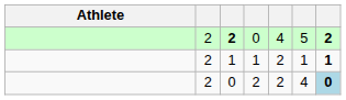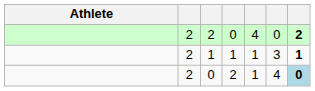 <table class=wikitable style="text-align:center">
 <tr>
 <th width=210>Athlete</th>
 <th width=20></th>
 <th width=20></th>
 <th width=20></th>
 <th width=20></th>
 <th width=20></th>
 <th width=20></th>
 </tr>
 <tr bgcolor=ccffcc>
 <td style="text-align:left"></td>
 <td>2</td>
-<td><strong>2</strong></td>
+<td>2</td>
 <td>0</td>
 <td>4</td>
-<td>5</td>
+<td>0</td>
 <td><strong>2</strong></td>
 </tr>
 <tr>
 <td style="text-align:left"></td>
 <td>2</td>
 <td>1</td>
 <td>1</td>
-<td>2</td>
 <td>1</td>
+<td>3</td>
 <td><strong>1</strong></td>
 </tr>
 <tr>
 <td style="text-align:left"></td>
 <td>2</td>
 <td>0</td>
 <td>2</td>
-<td>2</td>
+<td>1</td>
 <td>4</td>
 <td style="background: lightblue;"><strong>0</strong></td>
 </tr>
 </table>
